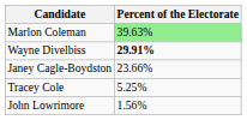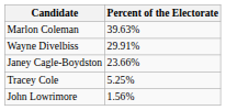 <table class="wikitable">
 <tr>
 <th>Candidate</th>
 <th>Percent of the Electorate</th>
 </tr>
 <tr>
 <td>Marlon Coleman</td>
-<td style="background: lightgreen;">39.63%</td>
+<td>39.63%</td>
 </tr>
 <tr>
 <td>Wayne Divelbiss</td>
-<td><strong>29.91%</strong></td>
+<td>29.91%</td>
 </tr>
 <tr>
 <td>Janey Cagle-Boydston</td>
 <td>23.66%</td>
 </tr>
 <tr>
 <td>Tracey Cole</td>
 <td>5.25%</td>
 </tr>
 <tr>
 <td>John Lowrimore</td>
 <td>1.56%</td>
 </tr>
 </table>
